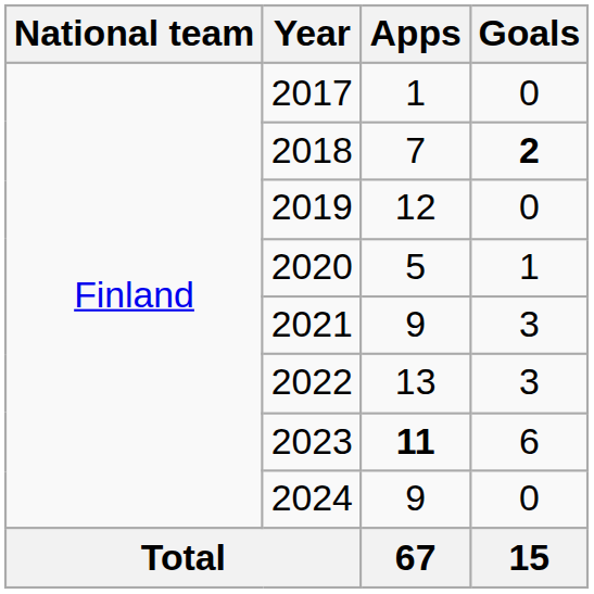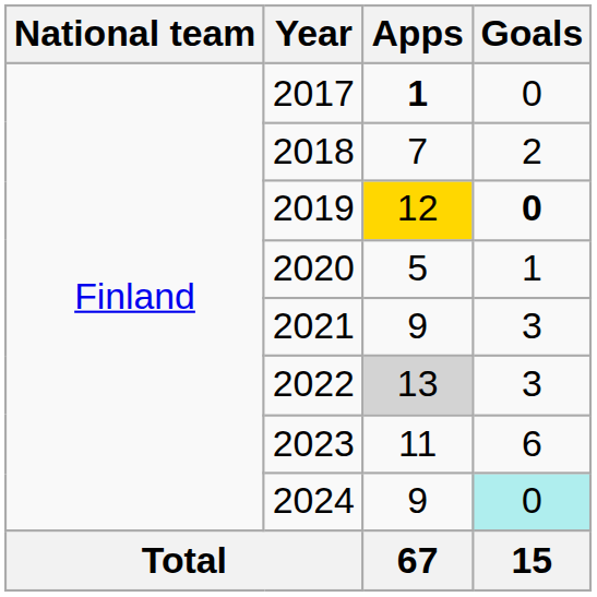 <table class="wikitable" style="text-align:center">
 <tr>
 <th>National team</th>
 <th>Year</th>
 <th>Apps</th>
 <th>Goals</th>
 </tr>
 <tr>
 <td rowspan="8"><a href='#'>Finland</a></td>
 <td>2017</td>
-<td>1</td>
+<td><strong>1</strong></td>
 <td>0</td>
 </tr>
 <tr>
 <td>2018</td>
 <td>7</td>
-<td><strong>2</strong></td>
+<td>2</td>
 </tr>
 <tr>
 <td>2019</td>
-<td>12</td>
-<td>0</td>
+<td style="background: gold;">12</td>
+<td><strong>0</strong></td>
 </tr>
 <tr>
 <td>2020</td>
 <td>5</td>
 <td>1</td>
 </tr>
 <tr>
 <td>2021</td>
 <td>9</td>
 <td>3</td>
 </tr>
 <tr>
 <td>2022</td>
-<td>13</td>
+<td style="background: lightgrey;">13</td>
 <td>3</td>
 </tr>
 <tr>
 <td>2023</td>
-<td><strong>11</strong></td>
+<td>11</td>
 <td>6</td>
 </tr>
 <tr>
 <td>2024</td>
 <td>9</td>
-<td>0</td>
+<td style="background: paleturquoise;">0</td>
 </tr>
 <tr>
 <th colspan="2">Total</th>
 <th>67</th>
 <th>15</th>
 </tr>
 </table>
